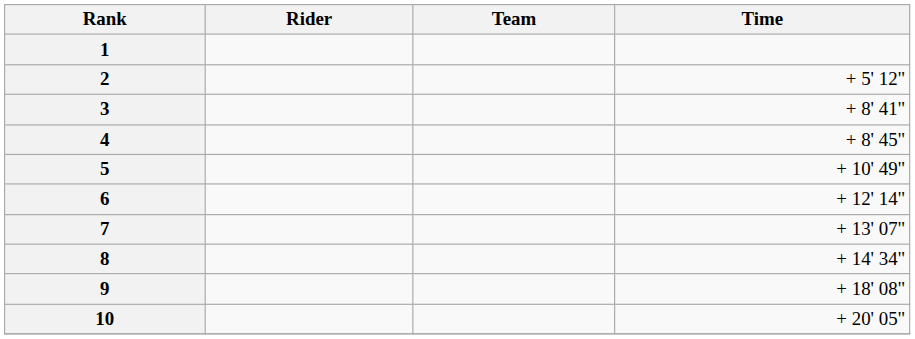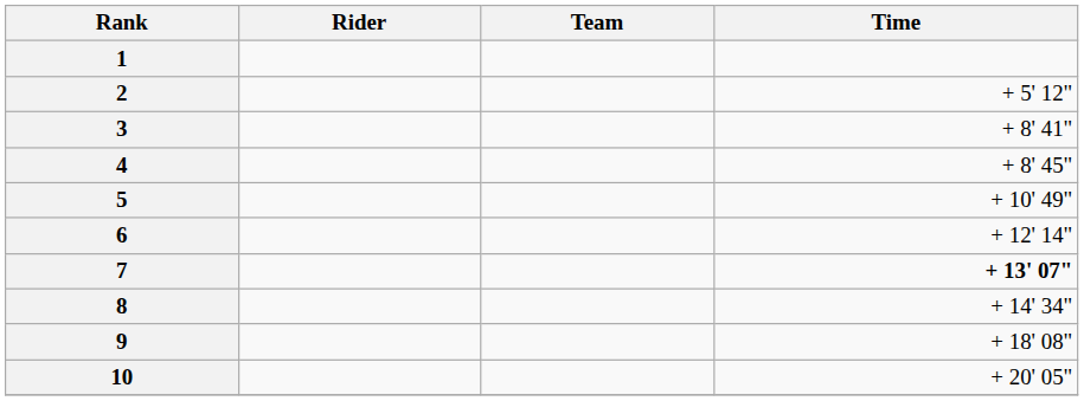 <table class="wikitable" style="width:48em;margin-bottom:0;">
 <tr>
 <th scope="col">Rank</th>
 <th scope="col">Rider</th>
 <th scope="col">Team</th>
 <th scope="col">Time</th>
 </tr>
 <tr>
 <th scope=“row”>1</th>
 <td>  </td>
 <td></td>
 <td align="right"></td>
 </tr>
 <tr>
 <th scope=“row”>2</th>
 <td></td>
 <td></td>
 <td align="right">+ 5' 12"</td>
 </tr>
 <tr>
 <th scope=“row”>3</th>
 <td></td>
 <td></td>
 <td align="right">+ 8' 41"</td>
 </tr>
 <tr>
 <th scope=“row”>4</th>
 <td></td>
 <td></td>
 <td align="right">+ 8' 45"</td>
 </tr>
 <tr>
 <th scope=“row”>5</th>
 <td></td>
 <td></td>
 <td align="right">+ 10' 49"</td>
 </tr>
 <tr>
 <th scope=“row”>6</th>
 <td></td>
 <td></td>
 <td align="right">+ 12' 14"</td>
 </tr>
 <tr>
 <th scope=“row”>7</th>
 <td> </td>
 <td></td>
-<td align="right">+ 13' 07"</td>
+<td align="right"><strong>+ 13' 07"</strong></td>
 </tr>
 <tr>
 <th scope=“row”>8</th>
 <td></td>
 <td></td>
 <td align="right">+ 14' 34"</td>
 </tr>
 <tr>
 <th scope=“row”>9</th>
 <td></td>
 <td></td>
 <td align="right">+ 18' 08"</td>
 </tr>
 <tr>
 <th scope=“row”>10</th>
 <td></td>
 <td></td>
 <td align="right">+ 20' 05"</td>
 </tr>
 <tr>
 </tr>
 </table>
